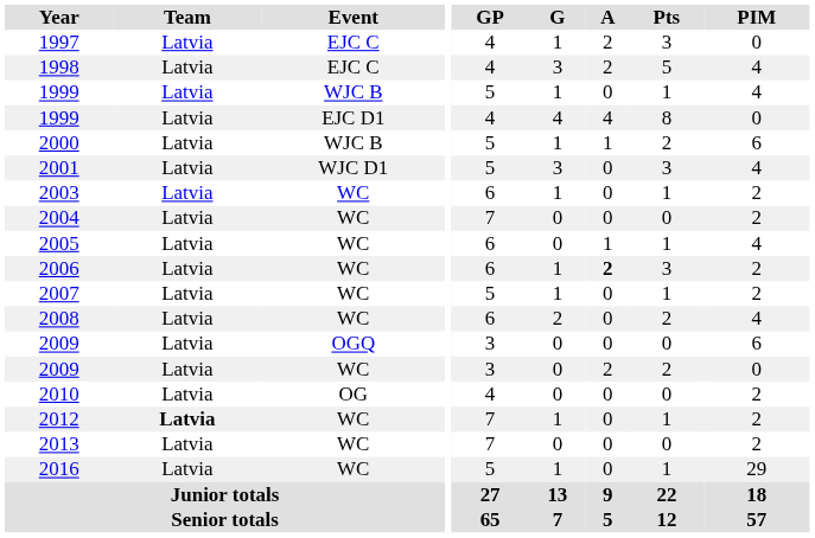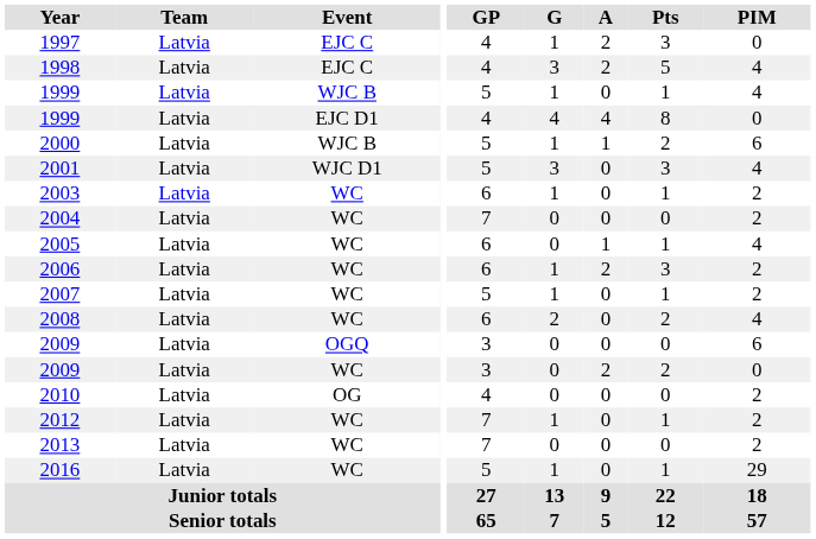 <table border="0" cellpadding="1" cellspacing="0" ID="Table3" style="text-align:center; width:40em">
 <tr ALIGN="center" bgcolor="#e0e0e0">
 <th>Year</th>
 <th>Team</th>
 <th>Event</th>
 <th rowspan="102" bgcolor="#ffffff"></th>
 <th>GP</th>
 <th>G</th>
 <th>A</th>
 <th>Pts</th>
 <th>PIM</th>
 </tr>
 <tr>
 <td><a href='#'>1997</a></td>
 <td><a href='#'>Latvia</a></td>
 <td><a href='#'>EJC C</a></td>
 <td>4</td>
 <td>1</td>
 <td>2</td>
 <td>3</td>
 <td>0</td>
 </tr>
 <tr bgcolor="#f0f0f0">
 <td><a href='#'>1998</a></td>
 <td>Latvia</td>
 <td>EJC C</td>
 <td>4</td>
 <td>3</td>
 <td>2</td>
 <td>5</td>
 <td>4</td>
 </tr>
 <tr>
 <td><a href='#'>1999</a></td>
 <td><a href='#'>Latvia</a></td>
 <td><a href='#'>WJC B</a></td>
 <td>5</td>
 <td>1</td>
 <td>0</td>
 <td>1</td>
 <td>4</td>
 </tr>
 <tr bgcolor="#f0f0f0">
 <td><a href='#'>1999</a></td>
 <td>Latvia</td>
 <td>EJC D1</td>
 <td>4</td>
 <td>4</td>
 <td>4</td>
 <td>8</td>
 <td>0</td>
 </tr>
 <tr>
 <td><a href='#'>2000</a></td>
 <td>Latvia</td>
 <td>WJC B</td>
 <td>5</td>
 <td>1</td>
 <td>1</td>
 <td>2</td>
 <td>6</td>
 </tr>
 <tr bgcolor="#f0f0f0">
 <td><a href='#'>2001</a></td>
 <td>Latvia</td>
 <td>WJC D1</td>
 <td>5</td>
 <td>3</td>
 <td>0</td>
 <td>3</td>
 <td>4</td>
 </tr>
 <tr>
 <td><a href='#'>2003</a></td>
 <td><a href='#'>Latvia</a></td>
 <td><a href='#'>WC</a></td>
 <td>6</td>
 <td>1</td>
 <td>0</td>
 <td>1</td>
 <td>2</td>
 </tr>
 <tr bgcolor="#f0f0f0">
 <td><a href='#'>2004</a></td>
 <td>Latvia</td>
 <td>WC</td>
 <td>7</td>
 <td>0</td>
 <td>0</td>
 <td>0</td>
 <td>2</td>
 </tr>
 <tr>
 <td><a href='#'>2005</a></td>
 <td>Latvia</td>
 <td>WC</td>
 <td>6</td>
 <td>0</td>
 <td>1</td>
 <td>1</td>
 <td>4</td>
 </tr>
 <tr bgcolor="#f0f0f0">
 <td><a href='#'>2006</a></td>
 <td>Latvia</td>
 <td>WC</td>
 <td>6</td>
 <td>1</td>
-<td><strong>2</strong></td>
+<td>2</td>
 <td>3</td>
 <td>2</td>
 </tr>
 <tr>
 <td><a href='#'>2007</a></td>
 <td>Latvia</td>
 <td>WC</td>
 <td>5</td>
 <td>1</td>
 <td>0</td>
 <td>1</td>
 <td>2</td>
 </tr>
 <tr bgcolor="#f0f0f0">
 <td><a href='#'>2008</a></td>
 <td>Latvia</td>
 <td>WC</td>
 <td>6</td>
 <td>2</td>
 <td>0</td>
 <td>2</td>
 <td>4</td>
 </tr>
 <tr>
 <td><a href='#'>2009</a></td>
 <td>Latvia</td>
 <td><a href='#'>OGQ</a></td>
 <td>3</td>
 <td>0</td>
 <td>0</td>
 <td>0</td>
 <td>6</td>
 </tr>
 <tr bgcolor="#f0f0f0">
 <td><a href='#'>2009</a></td>
 <td>Latvia</td>
 <td>WC</td>
 <td>3</td>
 <td>0</td>
 <td>2</td>
 <td>2</td>
 <td>0</td>
 </tr>
 <tr>
 <td><a href='#'>2010</a></td>
 <td>Latvia</td>
 <td>OG</td>
 <td>4</td>
 <td>0</td>
 <td>0</td>
 <td>0</td>
 <td>2</td>
 </tr>
 <tr bgcolor="#f0f0f0">
 <td><a href='#'>2012</a></td>
-<td><strong>Latvia</strong></td>
+<td>Latvia</td>
 <td>WC</td>
 <td>7</td>
 <td>1</td>
 <td>0</td>
 <td>1</td>
 <td>2</td>
 </tr>
 <tr>
 <td><a href='#'>2013</a></td>
 <td>Latvia</td>
 <td>WC</td>
 <td>7</td>
 <td>0</td>
 <td>0</td>
 <td>0</td>
 <td>2</td>
 </tr>
 <tr bgcolor="#f0f0f0">
 <td><a href='#'>2016</a></td>
 <td>Latvia</td>
 <td>WC</td>
 <td>5</td>
 <td>1</td>
 <td>0</td>
 <td>1</td>
 <td>29</td>
 </tr>
 <tr bgcolor="#e0e0e0">
 <th colspan=3>Junior totals</th>
 <th>27</th>
 <th>13</th>
 <th>9</th>
 <th>22</th>
 <th>18</th>
 </tr>
 <tr bgcolor="#e0e0e0">
 <th colspan=3>Senior totals</th>
 <th>65</th>
 <th>7</th>
 <th>5</th>
 <th>12</th>
 <th>57</th>
 </tr>
 </table>
